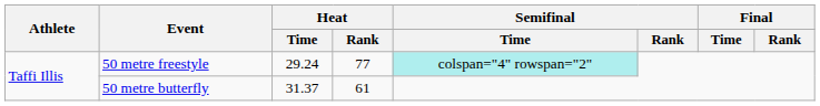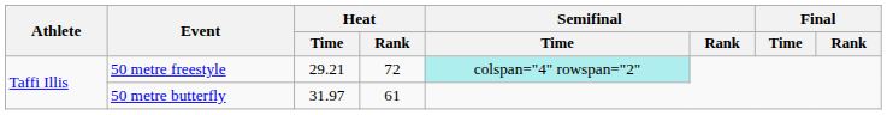 <table class="wikitable" style="text-align:center; font-size:90%; width:50%;">
 <tr>
 <th rowspan="2">Athlete</th>
 <th rowspan="2">Event</th>
 <th colspan="2">Heat</th>
 <th colspan="2">Semifinal</th>
 <th colspan="2">Final</th>
 </tr>
 <tr style="font-size:95%">
 <th>Time</th>
 <th>Rank</th>
 <th>Time</th>
 <th>Rank</th>
 <th>Time</th>
 <th>Rank</th>
 </tr>
 <tr align=center>
 <td align=left rowspan="2"><a href='#'>Taffi Illis</a></td>
 <td align=left><a href='#'>50 metre freestyle</a></td>
-<td>29.24</td>
-<td>77</td>
+<td>29.21</td>
+<td>72</td>
 <td style="background: paleturquoise;">colspan="4" rowspan="2" </td>
 </tr>
 <tr align=center>
 <td align=left><a href='#'>50 metre butterfly</a></td>
-<td>31.37</td>
+<td>31.97</td>
 <td>61</td>
 </tr>
 </table>
